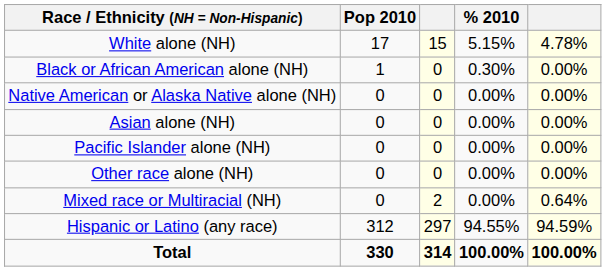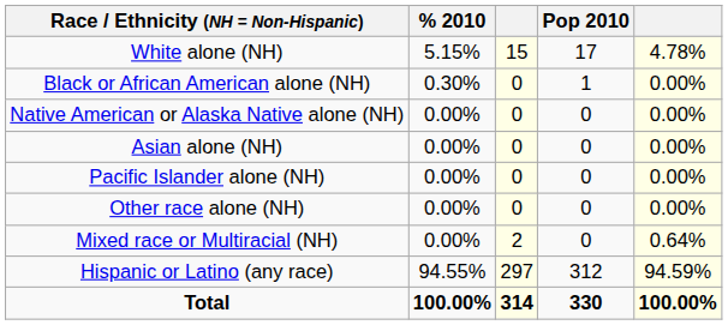 <table class="wikitable" style="text-align:center;">
 <tr>
 <th>Race / Ethnicity <small>(<em>NH = Non-Hispanic</em>)</small></th>
+<th>% 2010</th>
+<th></th>
 <th>Pop 2010</th>
-<th></th>
-<th>% 2010</th>
 <th></th>
 </tr>
 <tr>
 <td><a href='#'>White</a> alone (NH)</td>
+<td>5.15%</td>
+<td style='background: #ffffe6;'>15</td>
 <td>17</td>
-<td style='background: #ffffe6;'>15</td>
-<td>5.15%</td>
 <td style='background: #ffffe6;'>4.78%</td>
 </tr>
 <tr>
 <td><a href='#'>Black or African American</a> alone (NH)</td>
+<td>0.30%</td>
+<td style='background: #ffffe6;'>0</td>
 <td>1</td>
-<td style='background: #ffffe6;'>0</td>
-<td>0.30%</td>
 <td style='background: #ffffe6;'>0.00%</td>
 </tr>
 <tr>
 <td><a href='#'>Native American</a> or <a href='#'>Alaska Native</a> alone (NH)</td>
+<td>0.00%</td>
+<td style='background: #ffffe6;'>0</td>
 <td>0</td>
-<td style='background: #ffffe6;'>0</td>
-<td>0.00%</td>
 <td style='background: #ffffe6;'>0.00%</td>
 </tr>
 <tr>
 <td><a href='#'>Asian</a> alone (NH)</td>
+<td>0.00%</td>
+<td style='background: #ffffe6;'>0</td>
 <td>0</td>
-<td style='background: #ffffe6;'>0</td>
-<td>0.00%</td>
 <td style='background: #ffffe6;'>0.00%</td>
 </tr>
 <tr>
 <td><a href='#'>Pacific Islander</a> alone (NH)</td>
+<td>0.00%</td>
+<td style='background: #ffffe6;'>0</td>
 <td>0</td>
-<td style='background: #ffffe6;'>0</td>
-<td>0.00%</td>
 <td style='background: #ffffe6;'>0.00%</td>
 </tr>
 <tr>
 <td><a href='#'>Other race</a> alone (NH)</td>
+<td>0.00%</td>
+<td style='background: #ffffe6;'>0</td>
 <td>0</td>
-<td style='background: #ffffe6;'>0</td>
-<td>0.00%</td>
 <td style='background: #ffffe6;'>0.00%</td>
 </tr>
 <tr>
 <td><a href='#'>Mixed race or Multiracial</a> (NH)</td>
+<td>0.00%</td>
+<td style='background: #ffffe6;'>2</td>
 <td>0</td>
-<td style='background: #ffffe6;'>2</td>
-<td>0.00%</td>
 <td style='background: #ffffe6;'>0.64%</td>
 </tr>
 <tr>
 <td><a href='#'>Hispanic or Latino</a> (any race)</td>
+<td>94.55%</td>
+<td style='background: #ffffe6;'>297</td>
 <td>312</td>
-<td style='background: #ffffe6;'>297</td>
-<td>94.55%</td>
 <td style='background: #ffffe6;'>94.59%</td>
 </tr>
 <tr>
 <td><strong>Total</strong></td>
+<td><strong>100.00%</strong></td>
+<td style='background: #ffffe6;'><strong>314</strong></td>
 <td><strong>330</strong></td>
-<td style='background: #ffffe6;'><strong>314</strong></td>
-<td><strong>100.00%</strong></td>
 <td style='background: #ffffe6;'><strong>100.00%</strong></td>
 </tr>
 </table>
